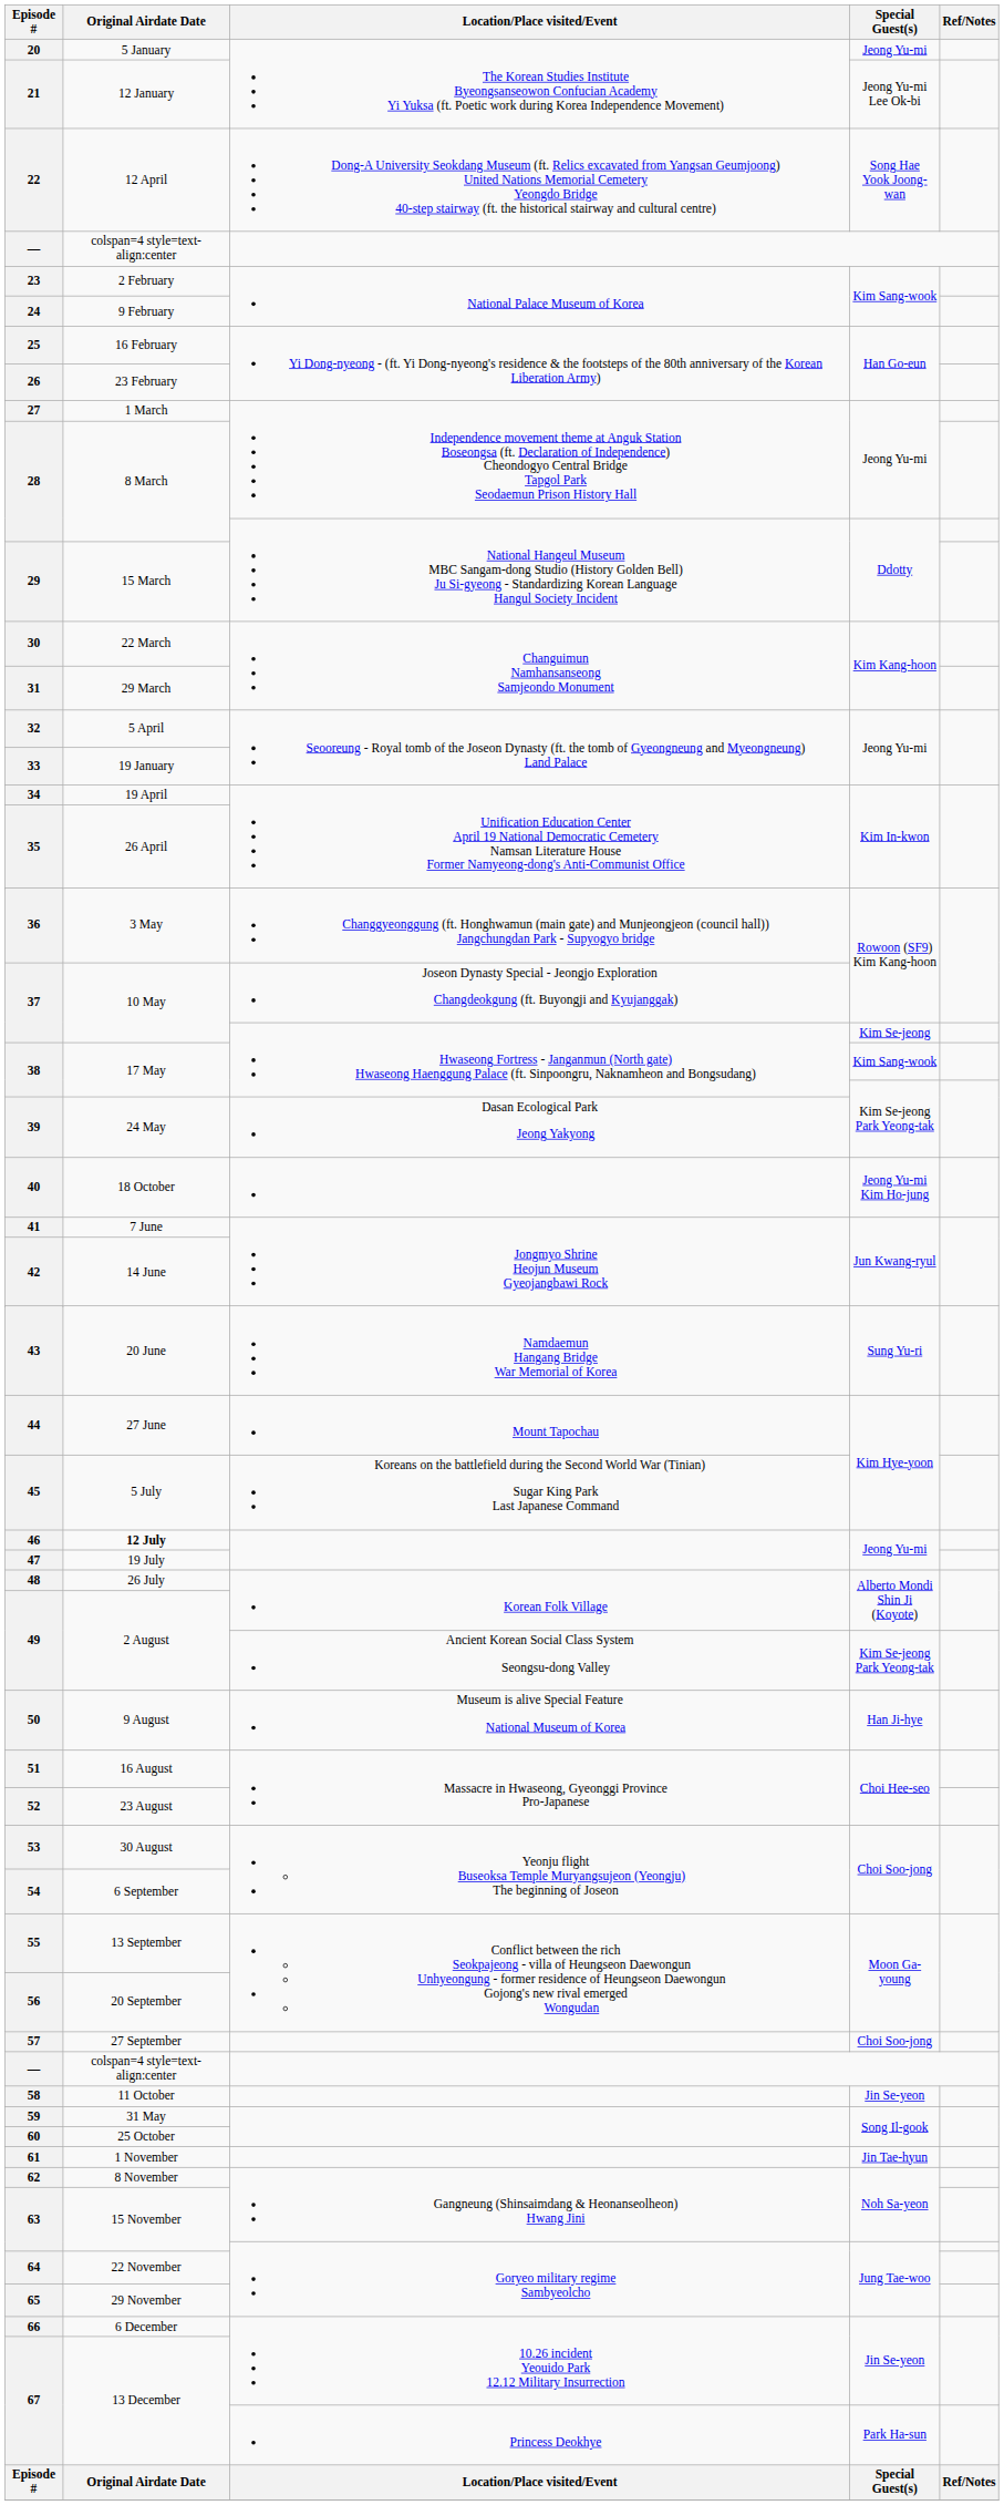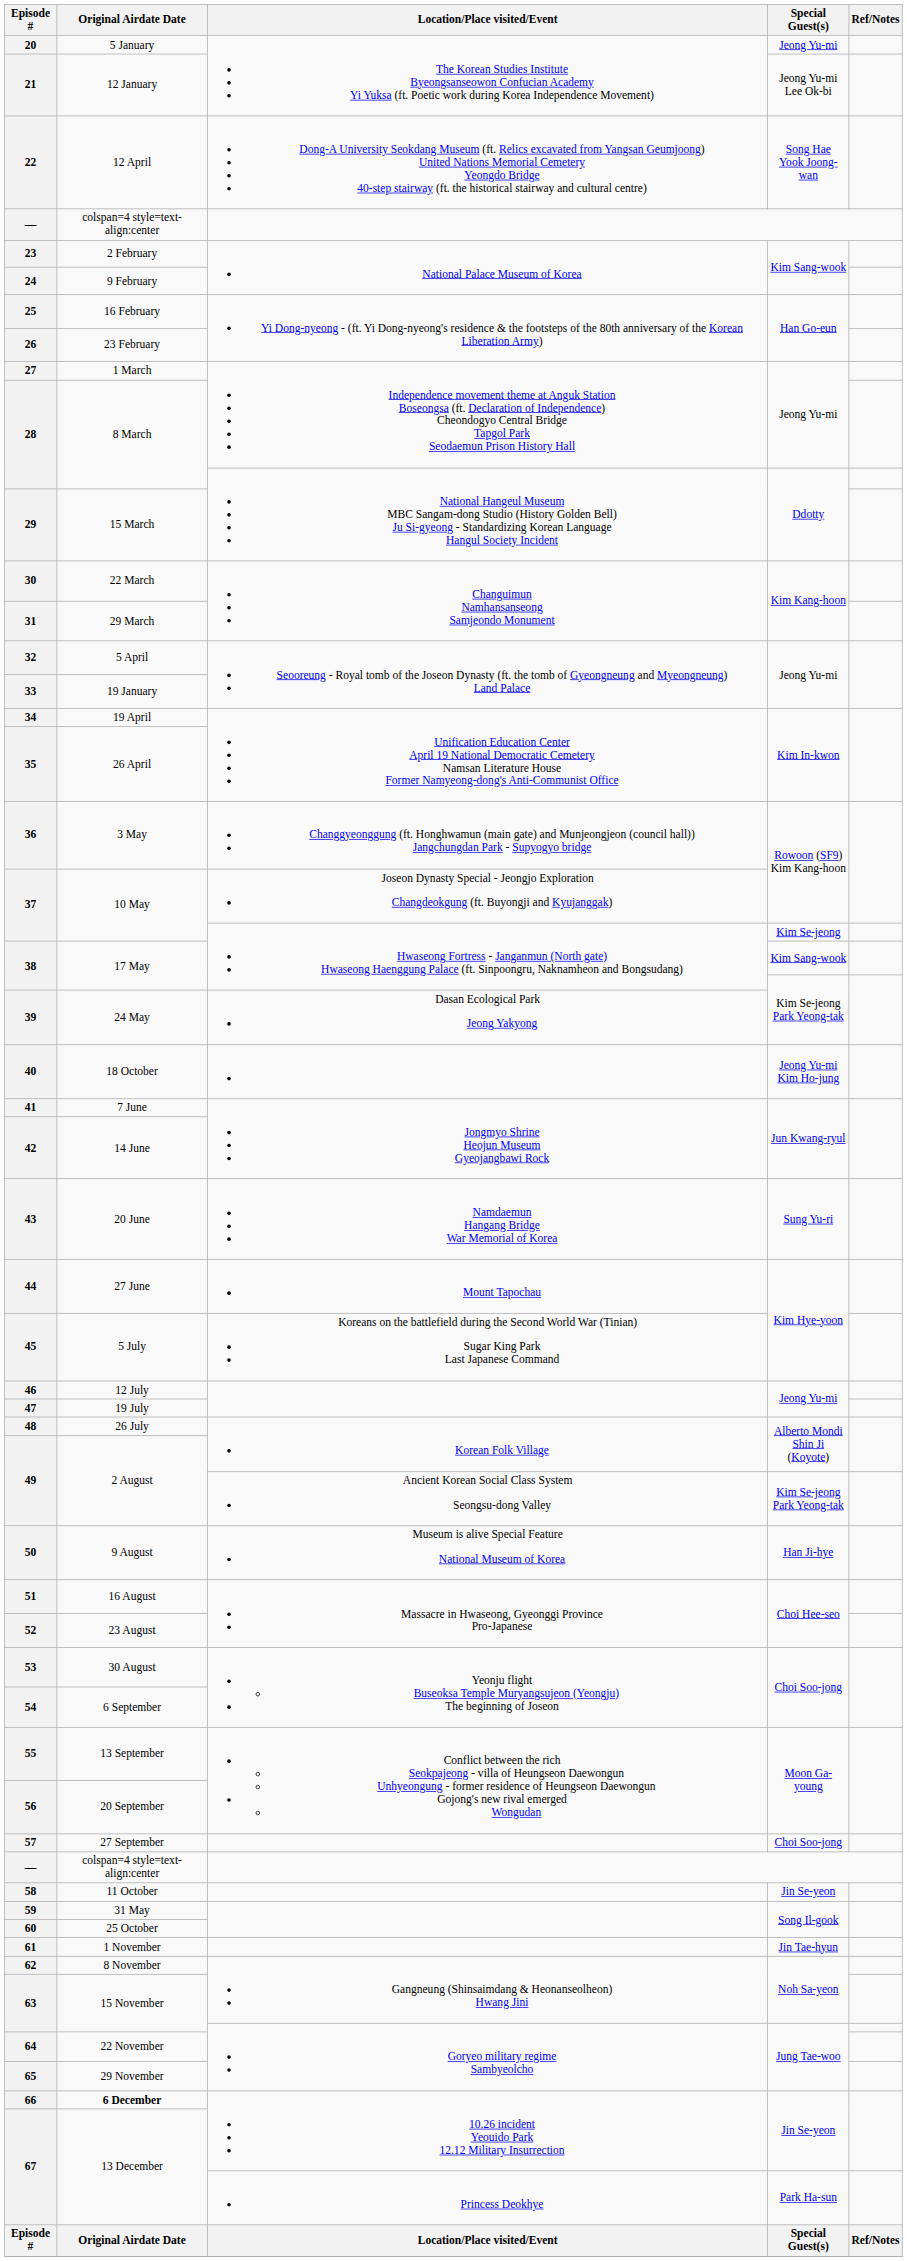 <table class=wikitable style=text-align:center>
 <tr>
 <th>Episode #</th>
 <th>Original Airdate Date</th>
 <th>Location/Place visited/Event</th>
 <th>Special Guest(s)</th>
 <th>Ref/Notes</th>
 </tr>
 <tr>
 <th>20</th>
 <td>5 January</td>
 <td rowspan=2><br><ul><li><a href='#'>The Korean Studies Institute</a></li><li><a href='#'>Byeongsanseowon Confucian Academy</a></li><li><a href='#'>Yi Yuksa</a> (ft. Poetic work during Korea Independence Movement)</li></ul></td>
 <td><a href='#'>Jeong Yu-mi</a></td>
 <td></td>
 </tr>
 <tr>
 <th rowspan=2>21</th>
 <td rowspan=2>12 January</td>
 <td>Jeong Yu-mi<br>Lee Ok-bi</td>
 <td rowspan=2></td>
 </tr>
 <tr>
 <td rowspan=2><br><ul><li><a href='#'>Dong-A University Seokdang Museum</a> (ft. <a href='#'>Relics excavated from Yangsan Geumjoong</a>)</li><li><a href='#'>United Nations Memorial Cemetery</a></li><li><a href='#'>Yeongdo Bridge</a></li><li><a href='#'>40-step stairway</a> (ft. the historical stairway and cultural centre)</li></ul></td>
 <td rowspan=2><a href='#'>Song Hae</a><br><a href='#'>Yook Joong-wan</a></td>
 </tr>
 <tr>
 <th>22</th>
 <td>12 April</td>
 <td></td>
 </tr>
 <tr>
 <th>—</th>
 <td>colspan=4 style=text-align:center </td>
 </tr>
 <tr>
 <th>23</th>
 <td>2 February</td>
 <td rowspan=2><br><ul><li><a href='#'>National Palace Museum of Korea</a></li></ul></td>
 <td rowspan=2><a href='#'>Kim Sang-wook</a></td>
 <td></td>
 </tr>
 <tr>
 <th>24</th>
 <td>9 February</td>
 <td></td>
 </tr>
 <tr>
 <th>25</th>
 <td>16 February</td>
 <td rowspan=2><br><ul><li><a href='#'>Yi Dong-nyeong</a> - (ft. Yi Dong-nyeong's residence & the footsteps of the 80th anniversary of the <a href='#'>Korean Liberation Army</a>)</li></ul></td>
 <td rowspan=2><a href='#'>Han Go-eun</a></td>
 <td></td>
 </tr>
 <tr>
 <th>26</th>
 <td>23 February</td>
 <td></td>
 </tr>
 <tr>
 <th>27</th>
 <td>1 March</td>
 <td rowspan=2><br><ul><li><a href='#'>Independence movement theme at Anguk Station</a></li><li><a href='#'>Boseongsa</a> (ft. <a href='#'>Declaration of Independence</a>)</li><li>Cheondogyo Central Bridge</li><li><a href='#'>Tapgol Park</a></li><li><a href='#'>Seodaemun Prison History Hall</a></li></ul></td>
 <td rowspan=2>Jeong Yu-mi</td>
 <td></td>
 </tr>
 <tr>
 <th rowspan=2>28</th>
 <td rowspan=2>8 March</td>
 <td></td>
 </tr>
 <tr>
 <td rowspan=2><br><ul><li><a href='#'>National Hangeul Museum</a></li><li>MBC Sangam-dong Studio (History Golden Bell)</li><li><a href='#'>Ju Si-gyeong</a> - Standardizing Korean Language</li><li><a href='#'>Hangul Society Incident</a></li></ul></td>
 <td rowspan=2><a href='#'>Ddotty</a></td>
 <td></td>
 </tr>
 <tr>
 <th>29</th>
 <td>15 March</td>
 <td></td>
 </tr>
 <tr>
 <th>30</th>
 <td>22 March</td>
 <td rowspan=2><br><ul><li><a href='#'>Changuimun</a></li><li><a href='#'>Namhansanseong</a></li><li><a href='#'>Samjeondo Monument</a></li></ul></td>
 <td rowspan=2><a href='#'>Kim Kang-hoon</a></td>
 <td></td>
 </tr>
 <tr>
 <th>31</th>
 <td>29 March</td>
 <td></td>
 </tr>
 <tr>
 <th>32</th>
 <td>5 April</td>
 <td rowspan=2><br><ul><li><a href='#'>Seooreung</a> - Royal tomb of the Joseon Dynasty (ft. the tomb of <a href='#'>Gyeongneung</a> and <a href='#'>Myeongneung</a>)</li><li><a href='#'>Land Palace</a></li></ul></td>
 <td rowspan=2>Jeong Yu-mi</td>
 <td rowspan=2></td>
 </tr>
 <tr>
 <th>33</th>
 <td>19 January</td>
 </tr>
 <tr>
 <th>34</th>
 <td>19 April</td>
 <td rowspan=2><br><ul><li><a href='#'>Unification Education Center</a></li><li><a href='#'>April 19 National Democratic Cemetery</a></li><li>Namsan Literature House</li><li><a href='#'>Former Namyeong-dong's Anti-Communist Office</a></li></ul></td>
 <td rowspan=2><a href='#'>Kim In-kwon</a></td>
 <td rowspan=2></td>
 </tr>
 <tr>
 <th rowspan=2>35</th>
 <td rowspan=2>26 April</td>
 </tr>
 <tr>
 <td rowspan=2><br><ul><li><a href='#'>Changgyeonggung</a> (ft. Honghwamun (main gate) and Munjeongjeon (council hall))</li><li><a href='#'>Jangchungdan Park</a> - <a href='#'>Supyogyo bridge</a></li></ul></td>
 <td rowspan=3><a href='#'>Rowoon</a> (<a href='#'>SF9</a>)<br>Kim Kang-hoon</td>
 <td rowspan=3></td>
 </tr>
 <tr>
 <th>36</th>
 <td>3 May</td>
 </tr>
 <tr>
 <th rowspan=2>37</th>
 <td rowspan=2>10 May</td>
 <td>Joseon Dynasty Special - Jeongjo Exploration<br><ul><li><a href='#'>Changdeokgung</a> (ft. Buyongji and <a href='#'>Kyujanggak</a>)</li></ul></td>
 </tr>
 <tr>
 <td rowspan=3><br><ul><li><a href='#'>Hwaseong Fortress</a> - <a href='#'>Janganmun (North gate)</a></li><li><a href='#'>Hwaseong Haenggung Palace</a> (ft. Sinpoongru, Naknamheon and Bongsudang)</li></ul></td>
 <td><a href='#'>Kim Se-jeong</a></td>
 <td></td>
 </tr>
 <tr>
 <th rowspan=2>38</th>
 <td rowspan=2>17 May</td>
 <td><a href='#'>Kim Sang-wook</a></td>
 <td></td>
 </tr>
 <tr>
 <td rowspan=2>Kim Se-jeong<br><a href='#'>Park Yeong-tak</a></td>
 <td rowspan=2></td>
 </tr>
 <tr>
 <th rowspan=2>39</th>
 <td rowspan=2>24 May</td>
 <td>Dasan Ecological Park<br><ul><li><a href='#'>Jeong Yakyong</a></li></ul></td>
 </tr>
 <tr>
 <td rowspan=2><br><ul><li></li></ul></td>
 <td rowspan=2><a href='#'>Jeong Yu-mi</a><br><a href='#'>Kim Ho-jung</a></td>
 <td rowspan=2></td>
 </tr>
 <tr>
 <th>40</th>
 <td>18 October</td>
 </tr>
 <tr>
 <th>41</th>
 <td>7 June</td>
 <td rowspan=2><br><ul><li><a href='#'>Jongmyo Shrine</a></li><li><a href='#'>Heojun Museum</a></li><li><a href='#'>Gyeojangbawi Rock</a></li></ul></td>
 <td rowspan=2><a href='#'>Jun Kwang-ryul</a></td>
 <td rowspan=2></td>
 </tr>
 <tr>
 <th rowspan=2>42</th>
 <td rowspan=2>14 June</td>
 </tr>
 <tr>
 <td rowspan=2><br><ul><li><a href='#'>Namdaemun</a></li><li><a href='#'>Hangang Bridge</a></li><li><a href='#'>War Memorial of Korea</a></li></ul></td>
 <td rowspan=2><a href='#'>Sung Yu-ri</a></td>
 <td rowspan=2></td>
 </tr>
 <tr>
 <th rowspan=2>43</th>
 <td rowspan=2>20 June</td>
 </tr>
 <tr>
 <td rowspan=2><br><ul><li><a href='#'>Mount Tapochau</a></li></ul></td>
 <td rowspan=3><a href='#'>Kim Hye-yoon</a></td>
 <td rowspan=2></td>
 </tr>
 <tr>
 <th>44</th>
 <td>27 June</td>
 </tr>
 <tr>
 <th>45</th>
 <td>5 July</td>
 <td>Koreans on the battlefield during the Second World War (Tinian)<br><ul><li>Sugar King Park</li><li>Last Japanese Command</li></ul></td>
 <td></td>
 </tr>
 <tr>
 <th>46</th>
-<td><strong>12 July</strong></td>
+<td>12 July</td>
 <td rowspan=2><br></td>
 <td rowspan=2><a href='#'>Jeong Yu-mi</a></td>
 <td></td>
 </tr>
 <tr>
 <th>47</th>
 <td>19 July</td>
 <td></td>
 </tr>
 <tr>
 <th>48</th>
 <td>26 July</td>
 <td rowspan=2><br><ul><li><a href='#'>Korean Folk Village</a></li></ul></td>
 <td rowspan=2><a href='#'>Alberto Mondi</a><br><a href='#'>Shin Ji</a> (<a href='#'>Koyote</a>)</td>
 <td rowspan=2></td>
 </tr>
 <tr>
 <th rowspan=2>49</th>
 <td rowspan=2>2 August</td>
 </tr>
 <tr>
 <td>Ancient Korean Social Class System<br><ul><li>Seongsu-dong Valley</li></ul></td>
 <td><a href='#'>Kim Se-jeong</a><br><a href='#'>Park Yeong-tak</a></td>
 <td></td>
 </tr>
 <tr>
 <th>50</th>
 <td>9 August</td>
 <td>Museum is alive Special Feature<br><ul><li><a href='#'>National Museum of Korea</a></li></ul></td>
 <td><a href='#'>Han Ji-hye</a></td>
 <td></td>
 </tr>
 <tr>
 <th>51</th>
 <td>16 August</td>
 <td rowspan=2><br><ul><li>Massacre in Hwaseong, Gyeonggi Province</li><li>Pro-Japanese</li></ul></td>
 <td rowspan=2><a href='#'>Choi Hee-seo</a></td>
 <td></td>
 </tr>
 <tr>
 <th>52</th>
 <td>23 August</td>
 <td></td>
 </tr>
 <tr>
 <th>53</th>
 <td>30 August</td>
 <td rowspan=2><br><ul><li>Yeonju flight<ul><li><a href='#'>Buseoksa Temple Muryangsujeon (Yeongju)</a></li></ul></li><li>The beginning of Joseon</li></ul></td>
 <td rowspan=2><a href='#'>Choi Soo-jong</a></td>
 <td rowspan=2></td>
 </tr>
 <tr>
 <th>54</th>
 <td>6 September</td>
 </tr>
 <tr>
 <th>55</th>
 <td>13 September</td>
 <td rowspan=2><br><ul><li>Conflict between the rich<ul><li><a href='#'>Seokpajeong</a> - villa of Heungseon Daewongun</li><li><a href='#'>Unhyeongung</a> - former residence of Heungseon Daewongun</li></ul></li><li>Gojong's new rival emerged<ul><li><a href='#'>Wongudan</a></li></ul></li></ul></td>
 <td rowspan=2><a href='#'>Moon Ga-young</a></td>
 <td rowspan=2></td>
 </tr>
 <tr>
 <th>56</th>
 <td>20 September</td>
 </tr>
 <tr>
 <th>57</th>
 <td>27 September</td>
 <td></td>
 <td><a href='#'>Choi Soo-jong</a></td>
 <td></td>
 </tr>
 <tr>
 <th>—</th>
 <td>colspan=4 style=text-align:center </td>
 </tr>
 <tr>
 <th>58</th>
 <td>11 October</td>
 <td></td>
 <td><a href='#'>Jin Se-yeon</a></td>
 <td></td>
 </tr>
 <tr>
 <th>59</th>
 <td>31 May</td>
 <td rowspan=2></td>
 <td rowspan=2><a href='#'>Song Il-gook</a></td>
 <td rowspan=2></td>
 </tr>
 <tr>
 <th>60</th>
 <td>25 October</td>
 </tr>
 <tr>
 <th>61</th>
 <td>1 November</td>
 <td></td>
 <td><a href='#'>Jin Tae-hyun</a></td>
 <td></td>
 </tr>
 <tr>
 <th>62</th>
 <td>8 November</td>
 <td rowspan=2><br><ul><li>Gangneung (Shinsaimdang & Heonanseolheon)</li><li><a href='#'>Hwang Jini</a></li></ul></td>
 <td rowspan=2><a href='#'>Noh Sa-yeon</a></td>
 <td></td>
 </tr>
 <tr>
 <th rowspan=2>63</th>
 <td rowspan=2>15 November</td>
 <td></td>
 </tr>
 <tr>
 <td rowspan=3><br><ul><li><a href='#'>Goryeo military regime</a></li><li><a href='#'>Sambyeolcho</a></li></ul></td>
 <td rowspan=3><a href='#'>Jung Tae-woo</a></td>
 <td></td>
 </tr>
 <tr>
 <th>64</th>
 <td>22 November</td>
 <td></td>
 </tr>
 <tr>
 <th>65</th>
 <td>29 November</td>
 <td></td>
 </tr>
 <tr>
 <th>66</th>
-<td>6 December</td>
+<td><strong>6 December</strong></td>
 <td rowspan=2><br><ul><li><a href='#'>10.26 incident</a></li><li><a href='#'>Yeouido Park</a></li><li><a href='#'>12.12 Military Insurrection</a></li></ul></td>
 <td rowspan=2><a href='#'>Jin Se-yeon</a></td>
 <td rowspan=2></td>
 </tr>
 <tr>
 <th rowspan=2>67</th>
 <td rowspan=2>13 December</td>
 </tr>
 <tr>
 <td><br><ul><li><a href='#'>Princess Deokhye</a></li></ul></td>
 <td><a href='#'>Park Ha-sun</a></td>
 <td></td>
 </tr>
 <tr>
 <th>Episode #</th>
 <th>Original Airdate Date</th>
 <th>Location/Place visited/Event</th>
 <th>Special Guest(s)</th>
 <th>Ref/Notes</th>
 </tr>
 <tr>
 </tr>
 </table>
